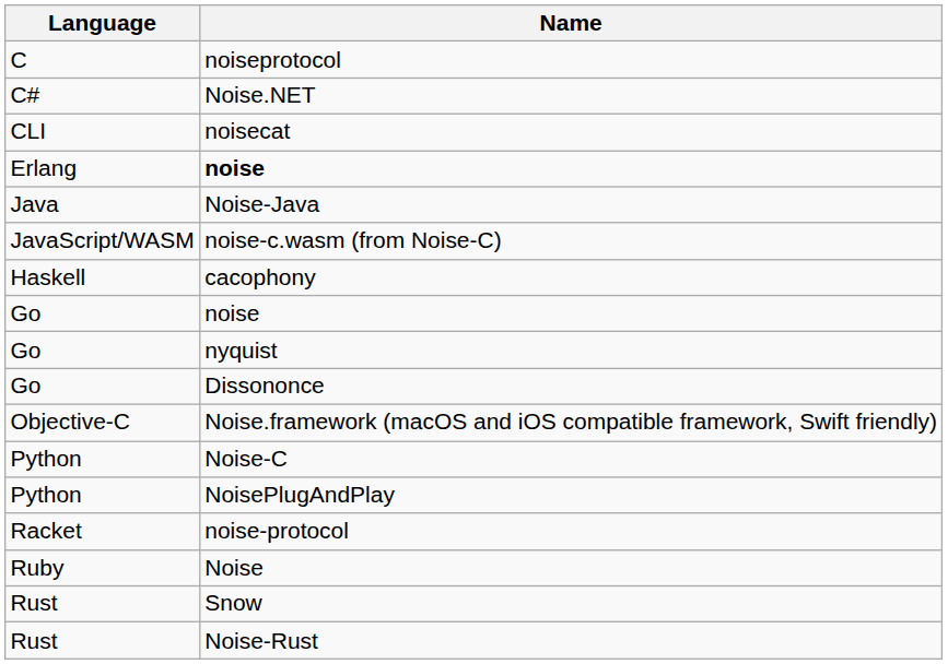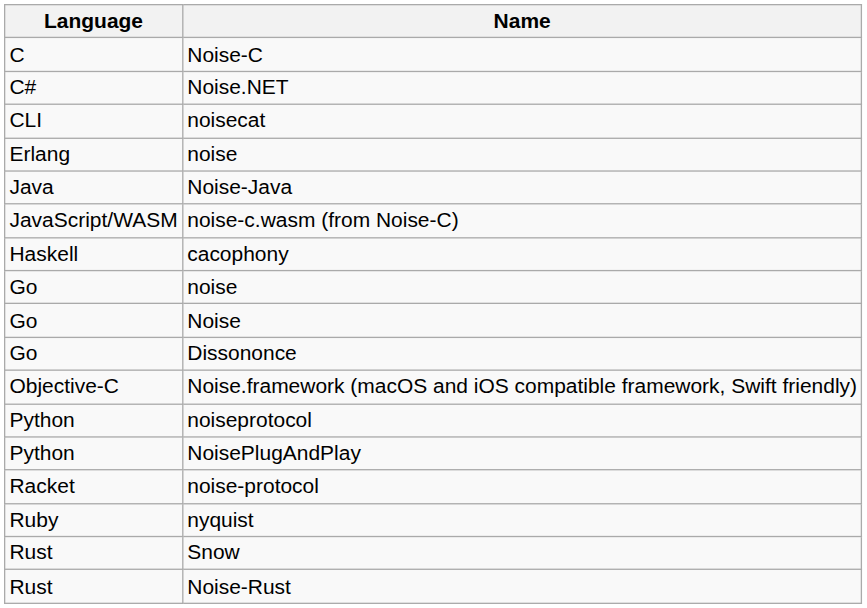 <table class="wikitable">
 <tr>
 <th>Language</th>
 <th>Name</th>
 </tr>
 <tr>
 <td>C</td>
-<td>noiseprotocol</td>
+<td>Noise-C</td>
 </tr>
 <tr>
 <td>C#</td>
 <td>Noise.NET</td>
 </tr>
 <tr>
 <td>CLI</td>
 <td>noisecat</td>
 </tr>
 <tr>
 <td>Erlang</td>
-<td><strong>noise</strong></td>
+<td>noise</td>
 </tr>
 <tr>
 <td>Java</td>
 <td>Noise-Java</td>
 </tr>
 <tr>
 <td>JavaScript/WASM</td>
 <td>noise-c.wasm (from Noise-C)</td>
 </tr>
 <tr>
 <td>Haskell</td>
 <td>cacophony</td>
 </tr>
 <tr>
 <td>Go</td>
 <td>noise</td>
 </tr>
 <tr>
 <td>Go</td>
-<td>nyquist</td>
+<td>Noise</td>
 </tr>
 <tr>
 <td>Go</td>
 <td>Dissononce</td>
 </tr>
 <tr>
 <td>Objective-C</td>
 <td>Noise.framework (macOS and iOS compatible framework, Swift friendly)</td>
 </tr>
 <tr>
 <td>Python</td>
-<td>Noise-C</td>
+<td>noiseprotocol</td>
 </tr>
 <tr>
 <td>Python</td>
 <td>NoisePlugAndPlay</td>
 </tr>
 <tr>
 <td>Racket</td>
 <td>noise-protocol</td>
 </tr>
 <tr>
 <td>Ruby</td>
-<td>Noise</td>
+<td>nyquist</td>
 </tr>
 <tr>
 <td>Rust</td>
 <td>Snow</td>
 </tr>
 <tr>
 <td>Rust</td>
 <td>Noise-Rust</td>
 </tr>
 </table>
